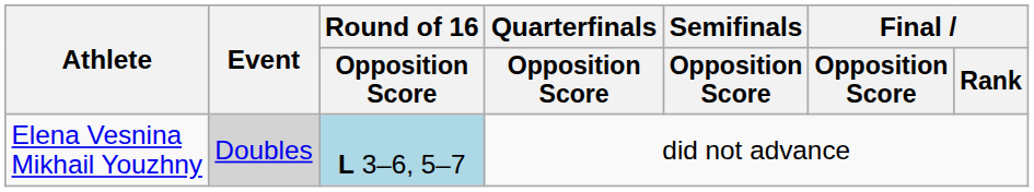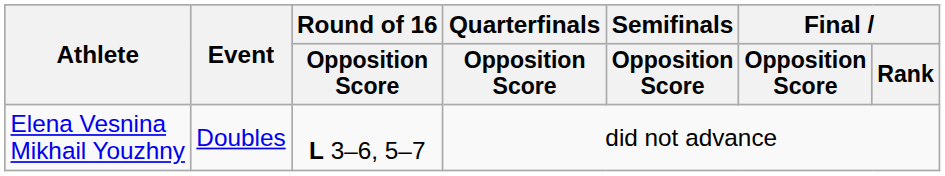 <table class="wikitable" style="font-size:90%">
 <tr>
 <th rowspan="2">Athlete</th>
 <th rowspan="2">Event</th>
 <th>Round of 16</th>
 <th>Quarterfinals</th>
 <th>Semifinals</th>
 <th colspan=2>Final / </th>
 </tr>
 <tr style="font-size:95%">
 <th>Opposition<br>Score</th>
 <th>Opposition<br>Score</th>
 <th>Opposition<br>Score</th>
 <th>Opposition<br>Score</th>
 <th>Rank</th>
 </tr>
 <tr align=center>
 <td align=left><a href='#'>Elena Vesnina</a><br><a href='#'>Mikhail Youzhny</a></td>
-<td align=left style="background: lightgrey;"><a href='#'>Doubles</a></td>
-<td style="background: lightblue;"><br><strong>L</strong> 3–6, 5–7</td>
+<td align=left><a href='#'>Doubles</a></td>
+<td><br><strong>L</strong> 3–6, 5–7</td>
 <td colspan=4>did not advance</td>
 </tr>
 </table>
